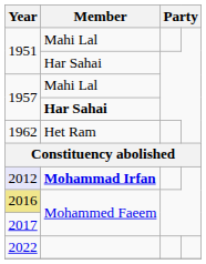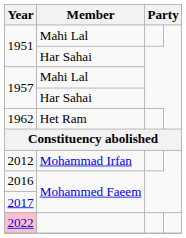 <table class="wikitable sortable">
 <tr>
 <th>Year</th>
 <th>Member</th>
 <th colspan="2">Party</th>
 </tr>
 <tr>
 <td rowspan="2">1951</td>
 <td>Mahi Lal</td>
 <td></td>
 </tr>
 <tr>
 <td>Har Sahai</td>
 </tr>
 <tr>
 <td rowspan="2">1957</td>
 <td>Mahi Lal</td>
 </tr>
 <tr>
-<td><strong>Har Sahai</strong></td>
+<td>Har Sahai</td>
 </tr>
 <tr>
 <td>1962</td>
 <td>Het Ram</td>
 <td></td>
 </tr>
 <tr>
 <th colspan="5">Constituency abolished</th>
 </tr>
 <tr>
-<td style="background: lavender;">2012</td>
-<td><strong><a href='#'>Mohammad Irfan</a></strong></td>
+<td>2012</td>
+<td><a href='#'>Mohammad Irfan</a></td>
 <td></td>
 </tr>
 <tr>
-<td style="background: khaki;">2016</td>
+<td>2016</td>
 <td rowspan="2"><a href='#'>Mohammed Faeem</a></td>
 </tr>
 <tr>
 <td><a href='#'>2017</a></td>
 </tr>
 <tr>
-<td><a href='#'>2022</a></td>
+<td style="background: pink;"><a href='#'>2022</a></td>
 <td></td>
 <td></td>
 <td></td>
 </tr>
 <tr>
 </tr>
 </table>
